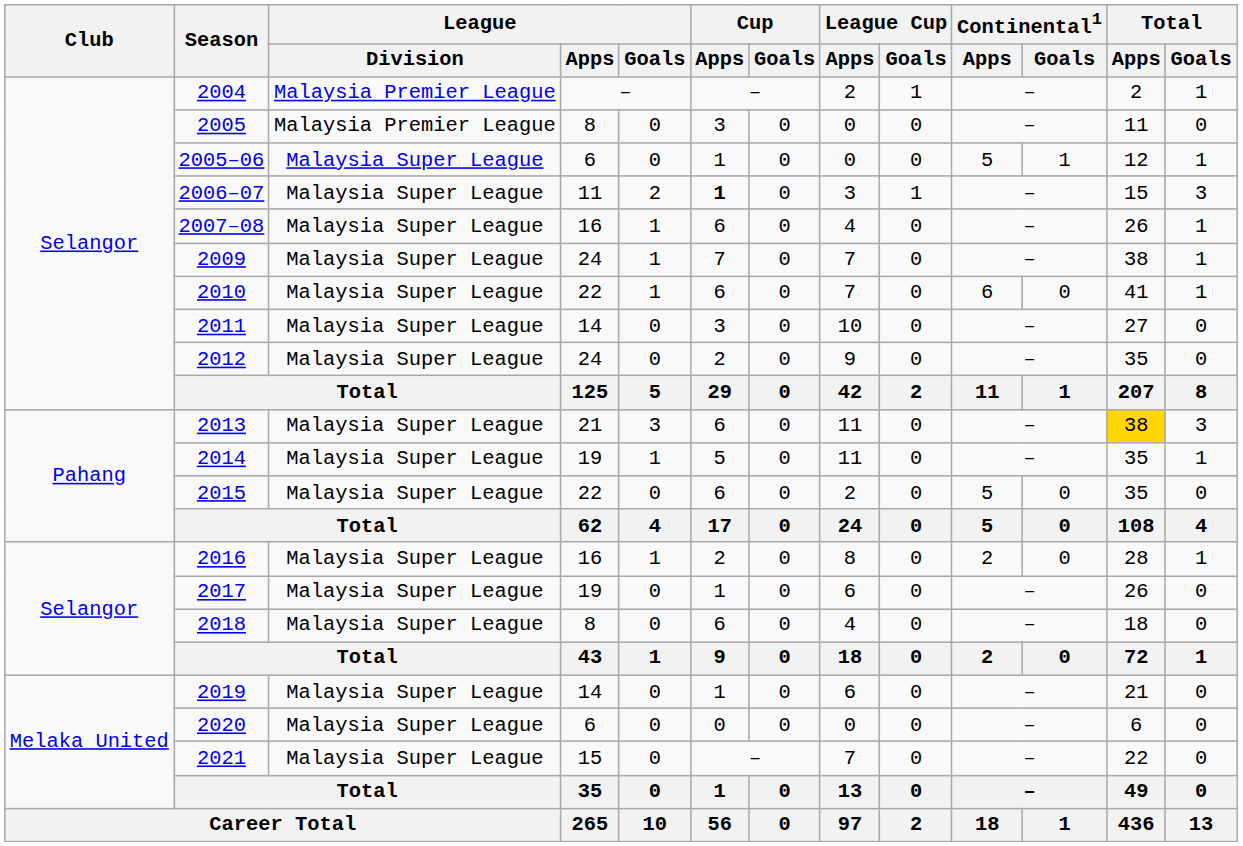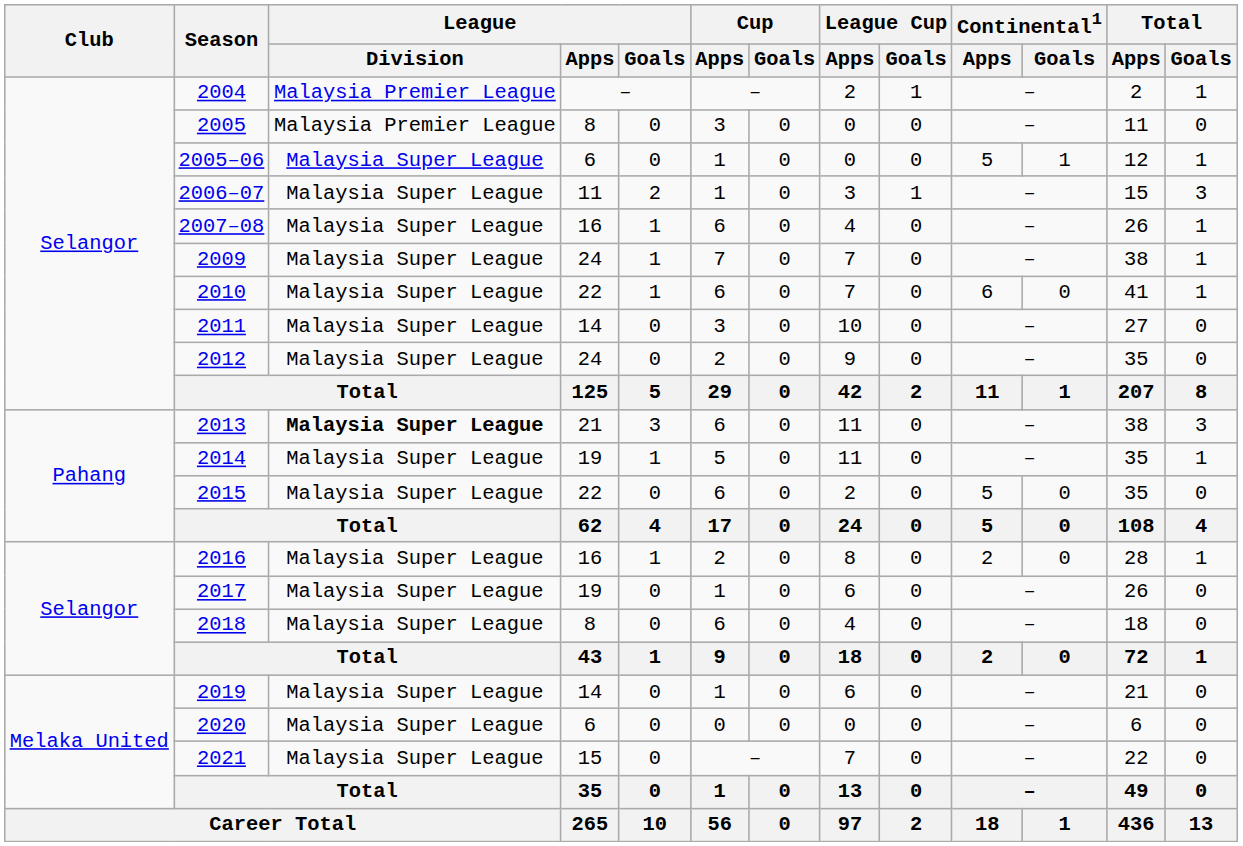 <table class=wikitable style="text-align:center">
 <tr>
 <th rowspan=2>Club</th>
 <th rowspan=2>Season</th>
 <th colspan=3>League</th>
 <th colspan=2>Cup</th>
 <th colspan=2>League Cup</th>
 <th colspan=2>Continental<sup>1</sup></th>
 <th colspan=2>Total</th>
 </tr>
 <tr>
 <th>Division</th>
 <th>Apps</th>
 <th>Goals</th>
 <th>Apps</th>
 <th>Goals</th>
 <th>Apps</th>
 <th>Goals</th>
 <th>Apps</th>
 <th>Goals</th>
 <th>Apps</th>
 <th>Goals</th>
 </tr>
 <tr>
 <td rowspan=10><a href='#'>Selangor</a></td>
 <td><a href='#'>2004</a></td>
 <td><a href='#'>Malaysia Premier League</a></td>
 <td colspan=2>–</td>
 <td colspan=2>–</td>
 <td>2</td>
 <td>1</td>
 <td colspan=2>–</td>
 <td>2</td>
 <td>1</td>
 </tr>
 <tr>
 <td><a href='#'>2005</a></td>
 <td>Malaysia Premier League</td>
 <td>8</td>
 <td>0</td>
 <td>3</td>
 <td>0</td>
 <td>0</td>
 <td>0</td>
 <td colspan=2>–</td>
 <td>11</td>
 <td>0</td>
 </tr>
 <tr>
 <td><a href='#'>2005–06</a></td>
 <td><a href='#'>Malaysia Super League</a></td>
 <td>6</td>
 <td>0</td>
 <td>1</td>
 <td>0</td>
 <td>0</td>
 <td>0</td>
 <td>5</td>
 <td>1</td>
 <td>12</td>
 <td>1</td>
 </tr>
 <tr>
 <td><a href='#'>2006–07</a></td>
 <td>Malaysia Super League</td>
 <td>11</td>
 <td>2</td>
-<td><strong>1</strong></td>
+<td>1</td>
 <td>0</td>
 <td>3</td>
 <td>1</td>
 <td colspan=2>–</td>
 <td>15</td>
 <td>3</td>
 </tr>
 <tr>
 <td><a href='#'>2007–08</a></td>
 <td>Malaysia Super League</td>
 <td>16</td>
 <td>1</td>
 <td>6</td>
 <td>0</td>
 <td>4</td>
 <td>0</td>
 <td colspan=2>–</td>
 <td>26</td>
 <td>1</td>
 </tr>
 <tr>
 <td><a href='#'>2009</a></td>
 <td>Malaysia Super League</td>
 <td>24</td>
 <td>1</td>
 <td>7</td>
 <td>0</td>
 <td>7</td>
 <td>0</td>
 <td colspan=2>–</td>
 <td>38</td>
 <td>1</td>
 </tr>
 <tr>
 <td><a href='#'>2010</a></td>
 <td>Malaysia Super League</td>
 <td>22</td>
 <td>1</td>
 <td>6</td>
 <td>0</td>
 <td>7</td>
 <td>0</td>
 <td>6</td>
 <td>0</td>
 <td>41</td>
 <td>1</td>
 </tr>
 <tr>
 <td><a href='#'>2011</a></td>
 <td>Malaysia Super League</td>
 <td>14</td>
 <td>0</td>
 <td>3</td>
 <td>0</td>
 <td>10</td>
 <td>0</td>
 <td colspan=2>–</td>
 <td>27</td>
 <td>0</td>
 </tr>
 <tr>
 <td><a href='#'>2012</a></td>
 <td>Malaysia Super League</td>
 <td>24</td>
 <td>0</td>
 <td>2</td>
 <td>0</td>
 <td>9</td>
 <td>0</td>
 <td colspan=2>–</td>
 <td>35</td>
 <td>0</td>
 </tr>
 <tr>
 <th colspan="2">Total</th>
 <th>125</th>
 <th>5</th>
 <th>29</th>
 <th>0</th>
 <th>42</th>
 <th>2</th>
 <th>11</th>
 <th>1</th>
 <th>207</th>
 <th>8</th>
 </tr>
 <tr>
 <td rowspan=4><a href='#'>Pahang</a></td>
 <td><a href='#'>2013</a></td>
-<td>Malaysia Super League</td>
+<td><strong>Malaysia Super League</strong></td>
 <td>21</td>
 <td>3</td>
 <td>6</td>
 <td>0</td>
 <td>11</td>
 <td>0</td>
 <td colspan=2>–</td>
-<td style="background: gold;">38</td>
+<td>38</td>
 <td>3</td>
 </tr>
 <tr>
 <td><a href='#'>2014</a></td>
 <td>Malaysia Super League</td>
 <td>19</td>
 <td>1</td>
 <td>5</td>
 <td>0</td>
 <td>11</td>
 <td>0</td>
 <td colspan=2>–</td>
 <td>35</td>
 <td>1</td>
 </tr>
 <tr>
 <td><a href='#'>2015</a></td>
 <td>Malaysia Super League</td>
 <td>22</td>
 <td>0</td>
 <td>6</td>
 <td>0</td>
 <td>2</td>
 <td>0</td>
 <td>5</td>
 <td>0</td>
 <td>35</td>
 <td>0</td>
 </tr>
 <tr>
 <th colspan="2">Total</th>
 <th>62</th>
 <th>4</th>
 <th>17</th>
 <th>0</th>
 <th>24</th>
 <th>0</th>
 <th>5</th>
 <th>0</th>
 <th>108</th>
 <th>4</th>
 </tr>
 <tr>
 <td rowspan=4><a href='#'>Selangor</a></td>
 <td><a href='#'>2016</a></td>
 <td>Malaysia Super League</td>
 <td>16</td>
 <td>1</td>
 <td>2</td>
 <td>0</td>
 <td>8</td>
 <td>0</td>
 <td>2</td>
 <td>0</td>
 <td>28</td>
 <td>1</td>
 </tr>
 <tr>
 <td><a href='#'>2017</a></td>
 <td>Malaysia Super League</td>
 <td>19</td>
 <td>0</td>
 <td>1</td>
 <td>0</td>
 <td>6</td>
 <td>0</td>
 <td colspan=2>–</td>
 <td>26</td>
 <td>0</td>
 </tr>
 <tr>
 <td><a href='#'>2018</a></td>
 <td>Malaysia Super League</td>
 <td>8</td>
 <td>0</td>
 <td>6</td>
 <td>0</td>
 <td>4</td>
 <td>0</td>
 <td colspan=2>–</td>
 <td>18</td>
 <td>0</td>
 </tr>
 <tr>
 <th colspan="2">Total</th>
 <th>43</th>
 <th>1</th>
 <th>9</th>
 <th>0</th>
 <th>18</th>
 <th>0</th>
 <th>2</th>
 <th>0</th>
 <th>72</th>
 <th>1</th>
 </tr>
 <tr>
 <td rowspan=4><a href='#'>Melaka United</a></td>
 <td><a href='#'>2019</a></td>
 <td>Malaysia Super League</td>
 <td>14</td>
 <td>0</td>
 <td>1</td>
 <td>0</td>
 <td>6</td>
 <td>0</td>
 <td colspan=2>–</td>
 <td>21</td>
 <td>0</td>
 </tr>
 <tr>
 <td><a href='#'>2020</a></td>
 <td>Malaysia Super League</td>
 <td>6</td>
 <td>0</td>
 <td>0</td>
 <td>0</td>
 <td>0</td>
 <td>0</td>
 <td colspan=2>–</td>
 <td>6</td>
 <td>0</td>
 </tr>
 <tr>
 <td><a href='#'>2021</a></td>
 <td>Malaysia Super League</td>
 <td>15</td>
 <td>0</td>
 <td colspan=2>–</td>
 <td>7</td>
 <td>0</td>
 <td colspan=2>–</td>
 <td>22</td>
 <td>0</td>
 </tr>
 <tr>
 <th colspan="2">Total</th>
 <th>35</th>
 <th>0</th>
 <th>1</th>
 <th>0</th>
 <th>13</th>
 <th>0</th>
 <th colspan=2>–</th>
 <th>49</th>
 <th>0</th>
 </tr>
 <tr>
 <th colspan="3">Career Total</th>
 <th>265</th>
 <th>10</th>
 <th>56</th>
 <th>0</th>
 <th>97</th>
 <th>2</th>
 <th>18</th>
 <th>1</th>
 <th>436</th>
 <th>13</th>
 </tr>
 </table>
